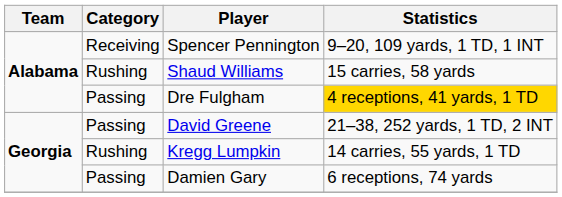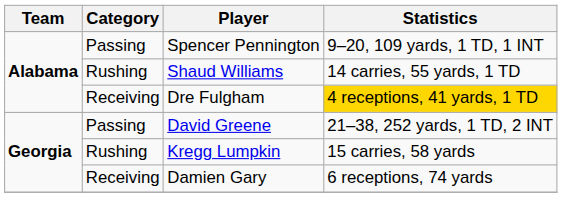 <table class="wikitable" style="float: right;">
 <tr>
 <th>Team</th>
 <th>Category</th>
 <th>Player</th>
 <th>Statistics</th>
 </tr>
 <tr>
 <td rowspan=3><strong>Alabama</strong></td>
-<td>Receiving</td>
+<td>Passing</td>
 <td>Spencer Pennington</td>
 <td>9–20, 109 yards, 1 TD, 1 INT</td>
 </tr>
 <tr>
 <td>Rushing</td>
 <td><a href='#'>Shaud Williams</a></td>
-<td>15 carries, 58 yards</td>
+<td>14 carries, 55 yards, 1 TD</td>
 </tr>
 <tr>
-<td>Passing</td>
+<td>Receiving</td>
 <td>Dre Fulgham</td>
 <td style="background: gold;">4 receptions, 41 yards, 1 TD</td>
 </tr>
 <tr>
 <td rowspan=3><strong>Georgia</strong></td>
 <td>Passing</td>
 <td><a href='#'>David Greene</a></td>
 <td>21–38, 252 yards, 1 TD, 2 INT</td>
 </tr>
 <tr>
 <td>Rushing</td>
 <td><a href='#'>Kregg Lumpkin</a></td>
-<td>14 carries, 55 yards, 1 TD</td>
+<td>15 carries, 58 yards</td>
 </tr>
 <tr>
-<td>Passing</td>
+<td>Receiving</td>
 <td>Damien Gary</td>
 <td>6 receptions, 74 yards</td>
 </tr>
 <tr>
 </tr>
 </table>
